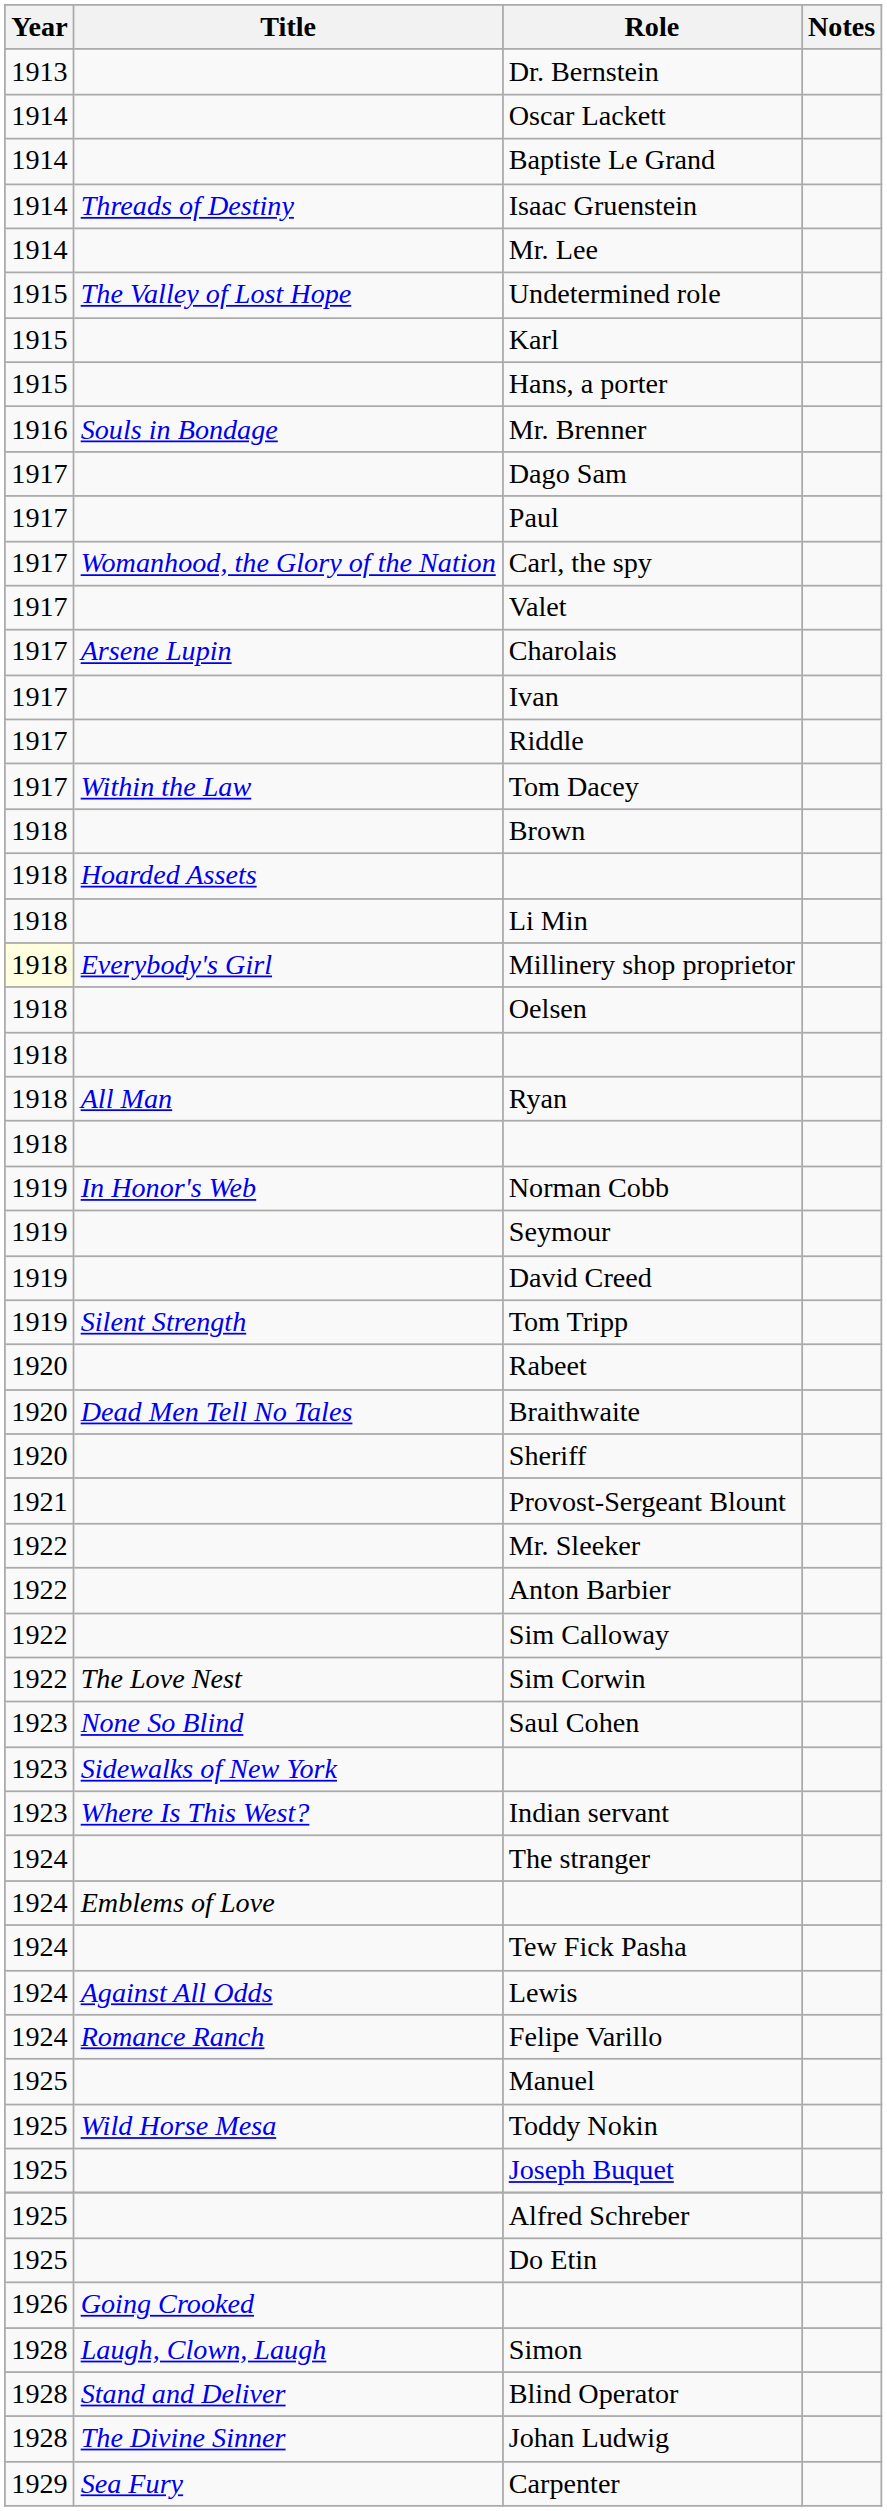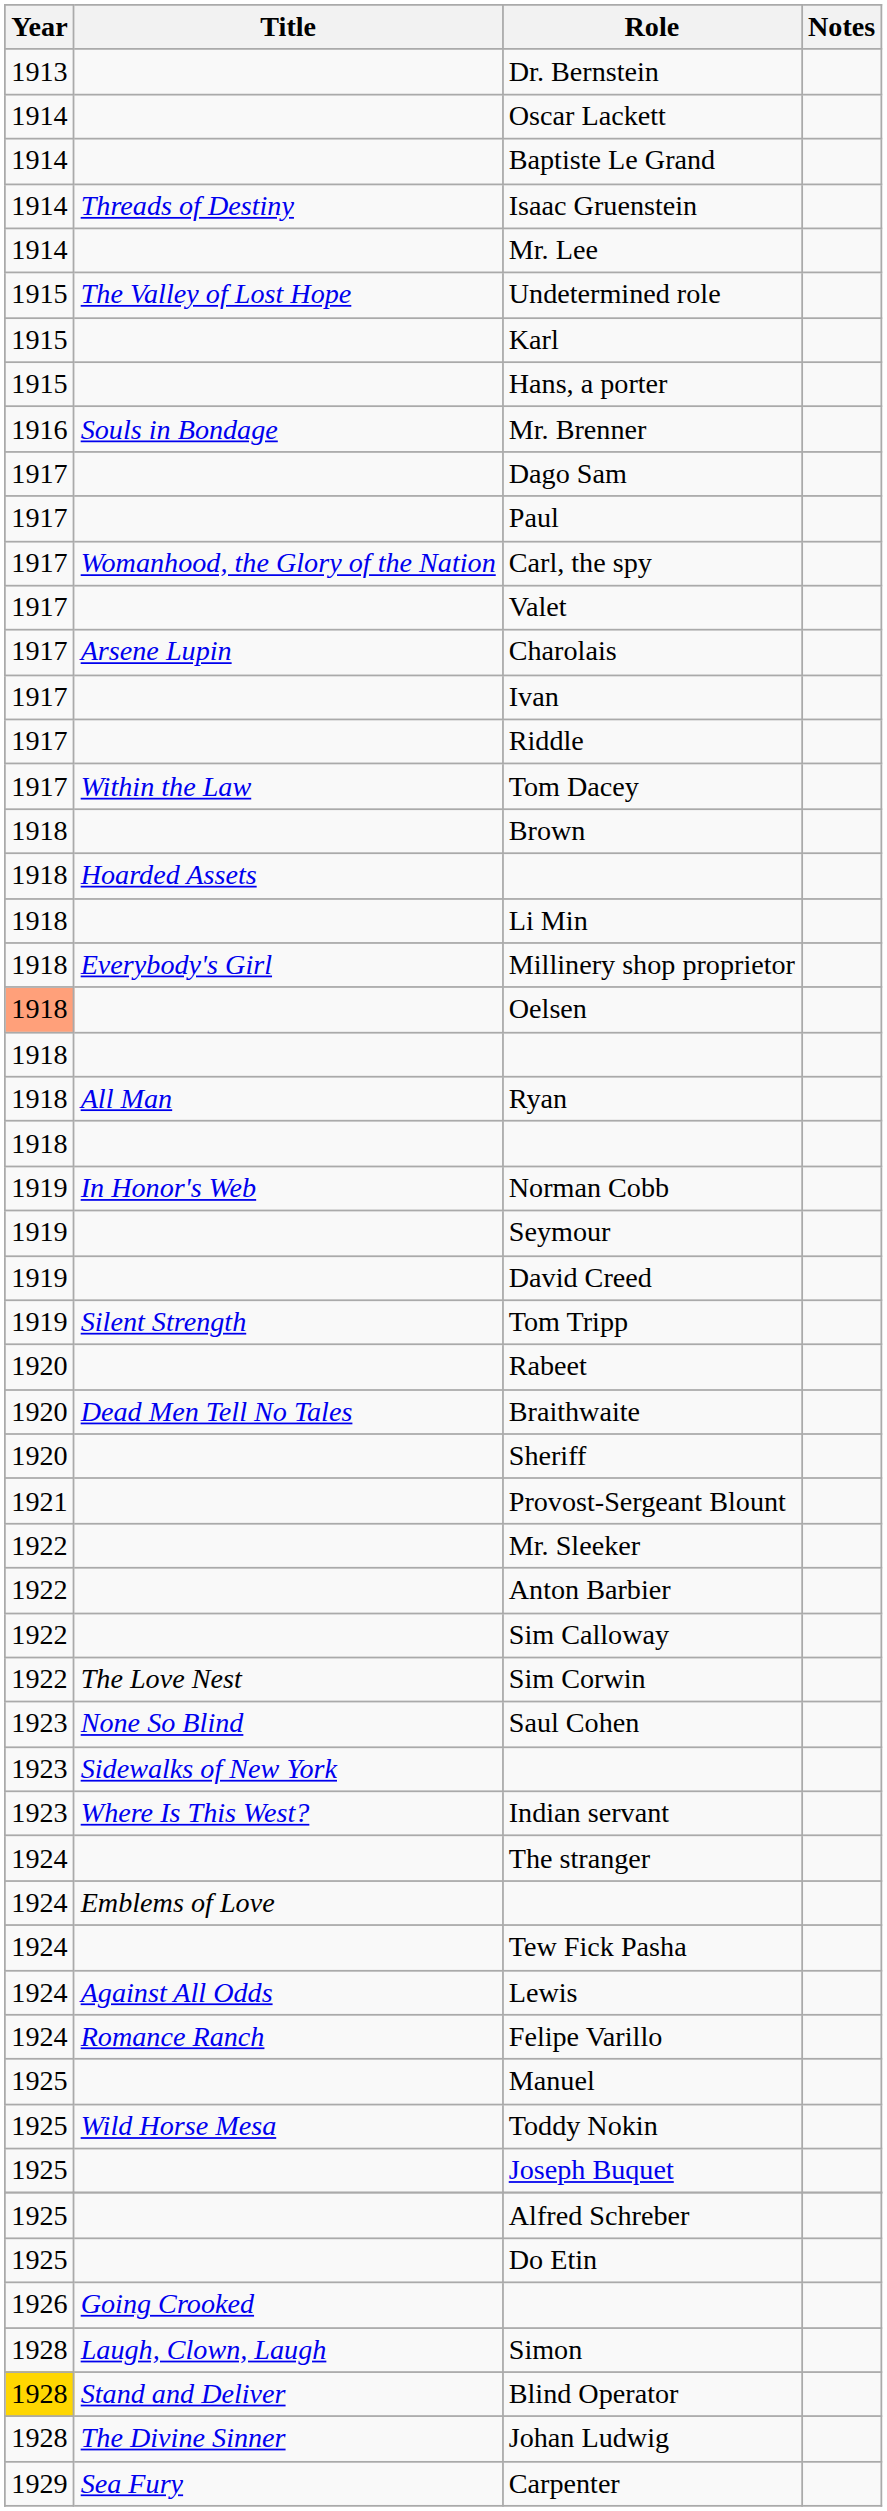 <table class="wikitable sortable">
 <tr>
 <th>Year</th>
 <th>Title</th>
 <th>Role</th>
 <th>Notes</th>
 </tr>
 <tr>
 <td>1913</td>
 <td><em></em></td>
 <td>Dr. Bernstein</td>
 <td></td>
 </tr>
 <tr>
 <td>1914</td>
 <td><em></em></td>
 <td>Oscar Lackett</td>
 <td></td>
 </tr>
 <tr>
 <td>1914</td>
 <td><em></em></td>
 <td>Baptiste Le Grand</td>
 <td></td>
 </tr>
 <tr>
 <td>1914</td>
 <td><em><a href='#'>Threads of Destiny</a></em></td>
 <td>Isaac Gruenstein</td>
 <td></td>
 </tr>
 <tr>
 <td>1914</td>
 <td><em></em></td>
 <td>Mr. Lee</td>
 <td></td>
 </tr>
 <tr>
 <td>1915</td>
 <td><em><a href='#'>The Valley of Lost Hope</a></em></td>
 <td>Undetermined role</td>
 <td></td>
 </tr>
 <tr>
 <td>1915</td>
 <td><em></em></td>
 <td>Karl</td>
 <td></td>
 </tr>
 <tr>
 <td>1915</td>
 <td><em></em></td>
 <td>Hans, a porter</td>
 <td></td>
 </tr>
 <tr>
 <td>1916</td>
 <td><em><a href='#'>Souls in Bondage</a></em></td>
 <td>Mr. Brenner</td>
 <td></td>
 </tr>
 <tr>
 <td>1917</td>
 <td><em></em></td>
 <td>Dago Sam</td>
 <td></td>
 </tr>
 <tr>
 <td>1917</td>
 <td><em></em></td>
 <td>Paul</td>
 <td></td>
 </tr>
 <tr>
 <td>1917</td>
 <td><em><a href='#'>Womanhood, the Glory of the Nation</a></em></td>
 <td>Carl, the spy</td>
 <td></td>
 </tr>
 <tr>
 <td>1917</td>
 <td><em></em></td>
 <td>Valet</td>
 <td></td>
 </tr>
 <tr>
 <td>1917</td>
 <td><em><a href='#'>Arsene Lupin</a></em></td>
 <td>Charolais</td>
 <td></td>
 </tr>
 <tr>
 <td>1917</td>
 <td><em></em></td>
 <td>Ivan</td>
 <td></td>
 </tr>
 <tr>
 <td>1917</td>
 <td><em></em></td>
 <td>Riddle</td>
 <td></td>
 </tr>
 <tr>
 <td>1917</td>
 <td><em><a href='#'>Within the Law</a></em></td>
 <td>Tom Dacey</td>
 <td></td>
 </tr>
 <tr>
 <td>1918</td>
 <td><em></em></td>
 <td>Brown</td>
 <td></td>
 </tr>
 <tr>
 <td>1918</td>
 <td><em><a href='#'>Hoarded Assets</a></em></td>
 <td></td>
 <td></td>
 </tr>
 <tr>
 <td>1918</td>
 <td><em></em></td>
 <td>Li Min</td>
 <td></td>
 </tr>
 <tr>
-<td style="background: lightyellow;">1918</td>
+<td>1918</td>
 <td><em><a href='#'>Everybody's Girl</a></em></td>
 <td>Millinery shop proprietor</td>
 <td></td>
 </tr>
 <tr>
-<td>1918</td>
+<td style="background: lightsalmon;">1918</td>
 <td><em></em></td>
 <td>Oelsen</td>
 <td></td>
 </tr>
 <tr>
 <td>1918</td>
 <td><em></em></td>
 <td></td>
 <td></td>
 </tr>
 <tr>
 <td>1918</td>
 <td><em><a href='#'>All Man</a></em></td>
 <td>Ryan</td>
 <td></td>
 </tr>
 <tr>
 <td>1918</td>
 <td><em></em></td>
 <td></td>
 <td></td>
 </tr>
 <tr>
 <td>1919</td>
 <td><em><a href='#'>In Honor's Web</a></em></td>
 <td>Norman Cobb</td>
 <td></td>
 </tr>
 <tr>
 <td>1919</td>
 <td><em></em></td>
 <td>Seymour</td>
 <td></td>
 </tr>
 <tr>
 <td>1919</td>
 <td><em></em></td>
 <td>David Creed</td>
 <td></td>
 </tr>
 <tr>
 <td>1919</td>
 <td><em><a href='#'>Silent Strength</a></em></td>
 <td>Tom Tripp</td>
 <td></td>
 </tr>
 <tr>
 <td>1920</td>
 <td><em></em></td>
 <td>Rabeet</td>
 <td></td>
 </tr>
 <tr>
 <td>1920</td>
 <td><em><a href='#'>Dead Men Tell No Tales</a></em></td>
 <td>Braithwaite</td>
 <td></td>
 </tr>
 <tr>
 <td>1920</td>
 <td><em></em></td>
 <td>Sheriff</td>
 <td></td>
 </tr>
 <tr>
 <td>1921</td>
 <td><em></em></td>
 <td>Provost-Sergeant Blount</td>
 <td></td>
 </tr>
 <tr>
 <td>1922</td>
 <td><em></em></td>
 <td>Mr. Sleeker</td>
 <td></td>
 </tr>
 <tr>
 <td>1922</td>
 <td><em></em></td>
 <td>Anton Barbier</td>
 <td></td>
 </tr>
 <tr>
 <td>1922</td>
 <td><em></em></td>
 <td>Sim Calloway</td>
 <td></td>
 </tr>
 <tr>
 <td>1922</td>
 <td><em>The Love Nest</em></td>
 <td>Sim Corwin</td>
 <td></td>
 </tr>
 <tr>
 <td>1923</td>
 <td><em><a href='#'>None So Blind</a></em></td>
 <td>Saul Cohen</td>
 <td></td>
 </tr>
 <tr>
 <td>1923</td>
 <td><em><a href='#'>Sidewalks of New York</a></em></td>
 <td></td>
 <td></td>
 </tr>
 <tr>
 <td>1923</td>
 <td><em><a href='#'>Where Is This West?</a></em></td>
 <td>Indian servant</td>
 <td></td>
 </tr>
 <tr>
 <td>1924</td>
 <td><em></em></td>
 <td>The stranger</td>
 <td></td>
 </tr>
 <tr>
 <td>1924</td>
 <td><em>Emblems of Love</em></td>
 <td></td>
 <td></td>
 </tr>
 <tr>
 <td>1924</td>
 <td><em></em></td>
 <td>Tew Fick Pasha</td>
 <td></td>
 </tr>
 <tr>
 <td>1924</td>
 <td><em><a href='#'>Against All Odds</a></em></td>
 <td>Lewis</td>
 <td></td>
 </tr>
 <tr>
 <td>1924</td>
 <td><em><a href='#'>Romance Ranch</a></em></td>
 <td>Felipe Varillo</td>
 <td></td>
 </tr>
 <tr>
 <td>1925</td>
 <td><em></em></td>
 <td>Manuel</td>
 <td></td>
 </tr>
 <tr>
 <td>1925</td>
 <td><em><a href='#'>Wild Horse Mesa</a></em></td>
 <td>Toddy Nokin</td>
 <td></td>
 </tr>
 <tr>
 <td>1925</td>
 <td><em></em></td>
 <td><a href='#'>Joseph Buquet</a></td>
 <td></td>
 </tr>
 <tr>
 </tr>
 <tr>
 <td>1925</td>
 <td><em></em></td>
 <td>Alfred Schreber</td>
 <td></td>
 </tr>
 <tr>
 <td>1925</td>
 <td><em></em></td>
 <td>Do Etin</td>
 <td></td>
 </tr>
 <tr>
 <td>1926</td>
 <td><em><a href='#'>Going Crooked</a></em></td>
 <td></td>
 <td></td>
 </tr>
 <tr>
 <td>1928</td>
 <td><em><a href='#'>Laugh, Clown, Laugh</a></em></td>
 <td>Simon</td>
 <td></td>
 </tr>
 <tr>
-<td>1928</td>
+<td style="background: gold;">1928</td>
 <td><em><a href='#'>Stand and Deliver</a></em></td>
 <td>Blind Operator</td>
 <td></td>
 </tr>
 <tr>
 <td>1928</td>
 <td><em><a href='#'>The Divine Sinner</a></em></td>
 <td>Johan Ludwig</td>
 <td></td>
 </tr>
 <tr>
 <td>1929</td>
 <td><em><a href='#'>Sea Fury</a></em></td>
 <td>Carpenter</td>
 <td></td>
 </tr>
 </table>
